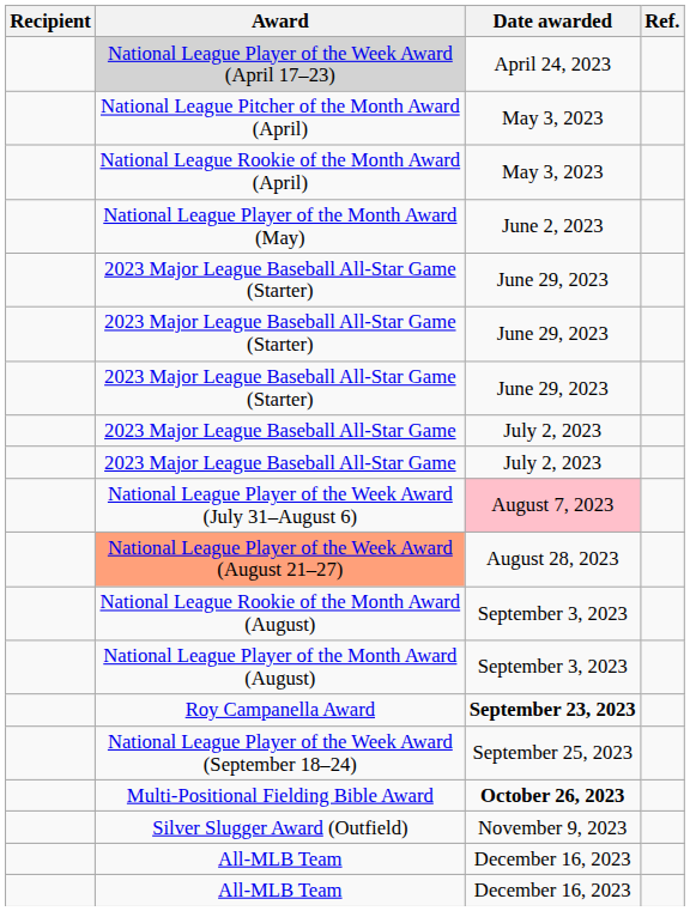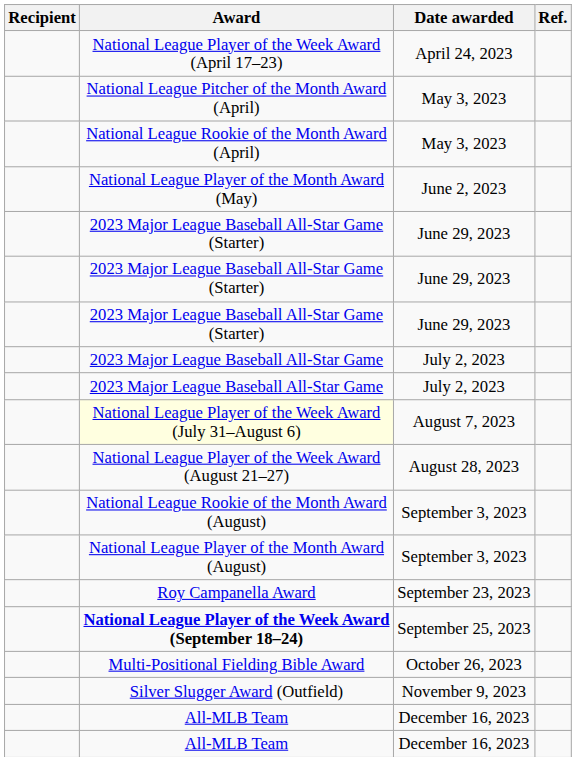 <table class="wikitable sortable collapsible" style="text-align:center">
 <tr>
 <th>Recipient</th>
 <th>Award</th>
 <th>Date awarded</th>
 <th>Ref.</th>
 </tr>
 <tr>
 <td></td>
-<td style="background: lightgrey;"><a href='#'>National League Player of the Week Award</a>  <br> (April 17–23)</td>
+<td><a href='#'>National League Player of the Week Award</a>  <br> (April 17–23)</td>
 <td>April 24, 2023</td>
 <td></td>
 </tr>
 <tr>
 <td></td>
 <td><a href='#'>National League Pitcher of the Month Award</a>  <br> (April)</td>
 <td>May 3, 2023</td>
 <td></td>
 </tr>
 <tr>
 <td></td>
 <td><a href='#'>National League Rookie of the Month Award</a>  <br> (April)</td>
 <td>May 3, 2023</td>
 <td></td>
 </tr>
 <tr>
 <td></td>
 <td><a href='#'>National League Player of the Month Award</a>  <br> (May)</td>
 <td>June 2, 2023</td>
 <td></td>
 </tr>
 <tr>
 <td></td>
 <td><a href='#'>2023 Major League Baseball All-Star Game</a>  <br> (Starter)</td>
 <td>June 29, 2023</td>
 <td></td>
 </tr>
 <tr>
 <td></td>
 <td><a href='#'>2023 Major League Baseball All-Star Game</a>  <br> (Starter)</td>
 <td>June 29, 2023</td>
 <td></td>
 </tr>
 <tr>
 <td></td>
 <td><a href='#'>2023 Major League Baseball All-Star Game</a>  <br> (Starter)</td>
 <td>June 29, 2023</td>
 <td></td>
 </tr>
 <tr>
 <td></td>
 <td><a href='#'>2023 Major League Baseball All-Star Game</a></td>
 <td>July 2, 2023</td>
 <td></td>
 </tr>
 <tr>
 <td></td>
 <td><a href='#'>2023 Major League Baseball All-Star Game</a></td>
 <td>July 2, 2023</td>
 <td></td>
 </tr>
 <tr>
 <td></td>
-<td><a href='#'>National League Player of the Week Award</a>  <br> (July 31–August 6)</td>
-<td style="background: pink;">August 7, 2023</td>
+<td style="background: lightyellow;"><a href='#'>National League Player of the Week Award</a>  <br> (July 31–August 6)</td>
+<td>August 7, 2023</td>
 <td></td>
 </tr>
 <tr>
 <td></td>
-<td style="background: lightsalmon;"><a href='#'>National League Player of the Week Award</a>  <br> (August 21–27)</td>
+<td><a href='#'>National League Player of the Week Award</a>  <br> (August 21–27)</td>
 <td>August 28, 2023</td>
 <td></td>
 </tr>
 <tr>
 <td></td>
 <td><a href='#'>National League Rookie of the Month Award</a>  <br> (August)</td>
 <td>September 3, 2023</td>
 <td></td>
 </tr>
 <tr>
 <td></td>
 <td><a href='#'>National League Player of the Month Award</a>  <br> (August)</td>
 <td>September 3, 2023</td>
 <td></td>
 </tr>
 <tr>
 <td></td>
 <td><a href='#'>Roy Campanella Award</a>  <br></td>
-<td><strong>September 23, 2023</strong></td>
+<td>September 23, 2023</td>
 <td></td>
 </tr>
 <tr>
 <td></td>
-<td><a href='#'>National League Player of the Week Award</a>  <br> (September 18–24)</td>
+<td><strong><a href='#'>National League Player of the Week Award</a>  <br> (September 18–24)</strong></td>
 <td>September 25, 2023</td>
 <td></td>
 </tr>
 <tr>
 <td></td>
 <td><a href='#'>Multi-Positional Fielding Bible Award</a></td>
-<td><strong>October 26, 2023</strong></td>
+<td>October 26, 2023</td>
 <td></td>
 </tr>
 <tr>
 <td></td>
 <td><a href='#'>Silver Slugger Award</a> (Outfield)</td>
 <td>November 9, 2023</td>
 <td></td>
 </tr>
 <tr>
 <td></td>
 <td><a href='#'>All-MLB Team</a></td>
 <td>December 16, 2023</td>
 <td></td>
 </tr>
 <tr>
 <td></td>
 <td><a href='#'>All-MLB Team</a></td>
 <td>December 16, 2023</td>
 <td></td>
 </tr>
 <tr>
 </tr>
 </table>
